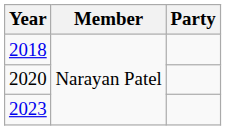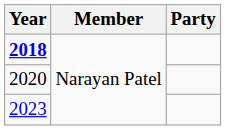 <table class="wikitable sortable">
 <tr>
 <th>Year</th>
 <th>Member</th>
 <th colspan=2>Party</th>
 </tr>
 <tr>
-<td><a href='#'>2018</a></td>
+<td><strong><a href='#'>2018</a></strong></td>
 <td rowspan=3>Narayan Patel</td>
 <td></td>
 </tr>
 <tr>
 <td>2020</td>
 <td></td>
 </tr>
 <tr>
 <td><a href='#'>2023</a></td>
 </tr>
 </table>
